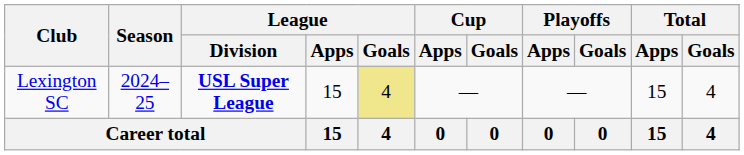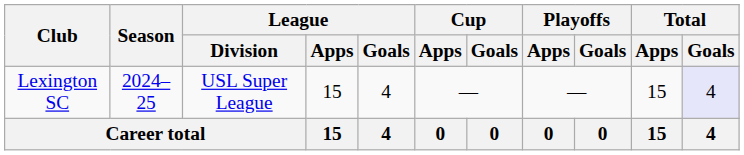 <table class="wikitable" style="text-align: center;">
 <tr>
 <th rowspan="2">Club</th>
 <th rowspan="2">Season</th>
 <th colspan="3">League</th>
 <th colspan="2">Cup</th>
 <th colspan="2">Playoffs</th>
 <th colspan="2">Total</th>
 </tr>
 <tr>
 <th>Division</th>
 <th>Apps</th>
 <th>Goals</th>
 <th>Apps</th>
 <th>Goals</th>
 <th>Apps</th>
 <th>Goals</th>
 <th>Apps</th>
 <th>Goals</th>
 </tr>
 <tr>
 <td><a href='#'>Lexington SC</a></td>
 <td><a href='#'>2024–25</a></td>
-<td><strong><a href='#'>USL Super League</a></strong></td>
+<td><a href='#'>USL Super League</a></td>
 <td>15</td>
-<td style="background: khaki;">4</td>
+<td>4</td>
 <td colspan="2">—</td>
 <td colspan="2">—</td>
 <td>15</td>
-<td>4</td>
+<td style="background: lavender;">4</td>
 </tr>
 <tr>
 <th colspan="3">Career total</th>
 <th>15</th>
 <th>4</th>
 <th>0</th>
 <th>0</th>
 <th>0</th>
 <th>0</th>
 <th>15</th>
 <th>4</th>
 </tr>
 </table>
